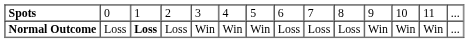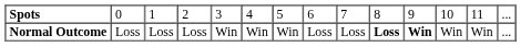 <table border="1" cellspacing="0">
 <tr>
 <td> <strong>Spots</strong></td>
 <td> 0</td>
 <td> 1</td>
 <td> 2</td>
 <td> 3</td>
 <td> 4</td>
 <td> 5</td>
 <td> 6</td>
 <td> 7</td>
 <td> 8</td>
 <td> 9</td>
 <td> 10</td>
 <td> 11</td>
 <td> ...</td>
 </tr>
 <tr>
 <td> <strong>Normal Outcome</strong> </td>
 <td> Loss </td>
-<td><strong> Loss </strong></td>
+<td> Loss </td>
 <td> Loss </td>
 <td> Win </td>
 <td> Win </td>
 <td> Win </td>
 <td> Loss </td>
 <td> Loss </td>
-<td> Loss </td>
-<td> Win </td>
+<td><strong> Loss </strong></td>
+<td><strong> Win </strong></td>
 <td> Win </td>
 <td> Win </td>
 <td> ... </td>
 </tr>
 </table>
